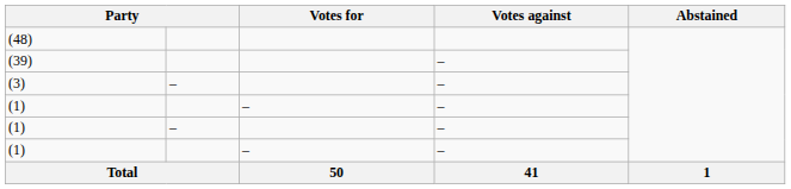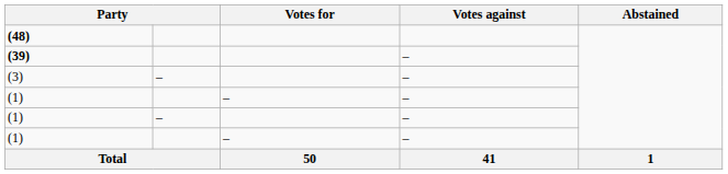 <table class="wikitable" style="width:100%">
 <tr>
 <th style="width:30%;" colspan="2">Party</th>
 <th style="width:25%;">Votes for</th>
 <th style="width:25%;">Votes against</th>
 <th style="width:25%;">Abstained</th>
 </tr>
 <tr>
-<td> (48)</td>
+<td><strong> (48)</strong></td>
 <td></td>
 <td></td>
 <td></td>
 </tr>
 <tr>
-<td> (39)</td>
+<td><strong> (39)</strong></td>
 <td></td>
 <td></td>
 <td>–</td>
 </tr>
 <tr>
 <td> (3)</td>
 <td>–</td>
 <td></td>
 <td>–</td>
 </tr>
 <tr>
 <td> (1)</td>
 <td></td>
 <td>–</td>
 <td>–</td>
 </tr>
 <tr>
 <td> (1)</td>
 <td>–</td>
 <td></td>
 <td>–</td>
 </tr>
 <tr>
 <td> (1)</td>
 <td></td>
 <td>–</td>
 <td>–</td>
 </tr>
 <tr>
 <th colspan=2>Total</th>
 <th>50</th>
 <th>41</th>
 <th>1</th>
 </tr>
 </table>
